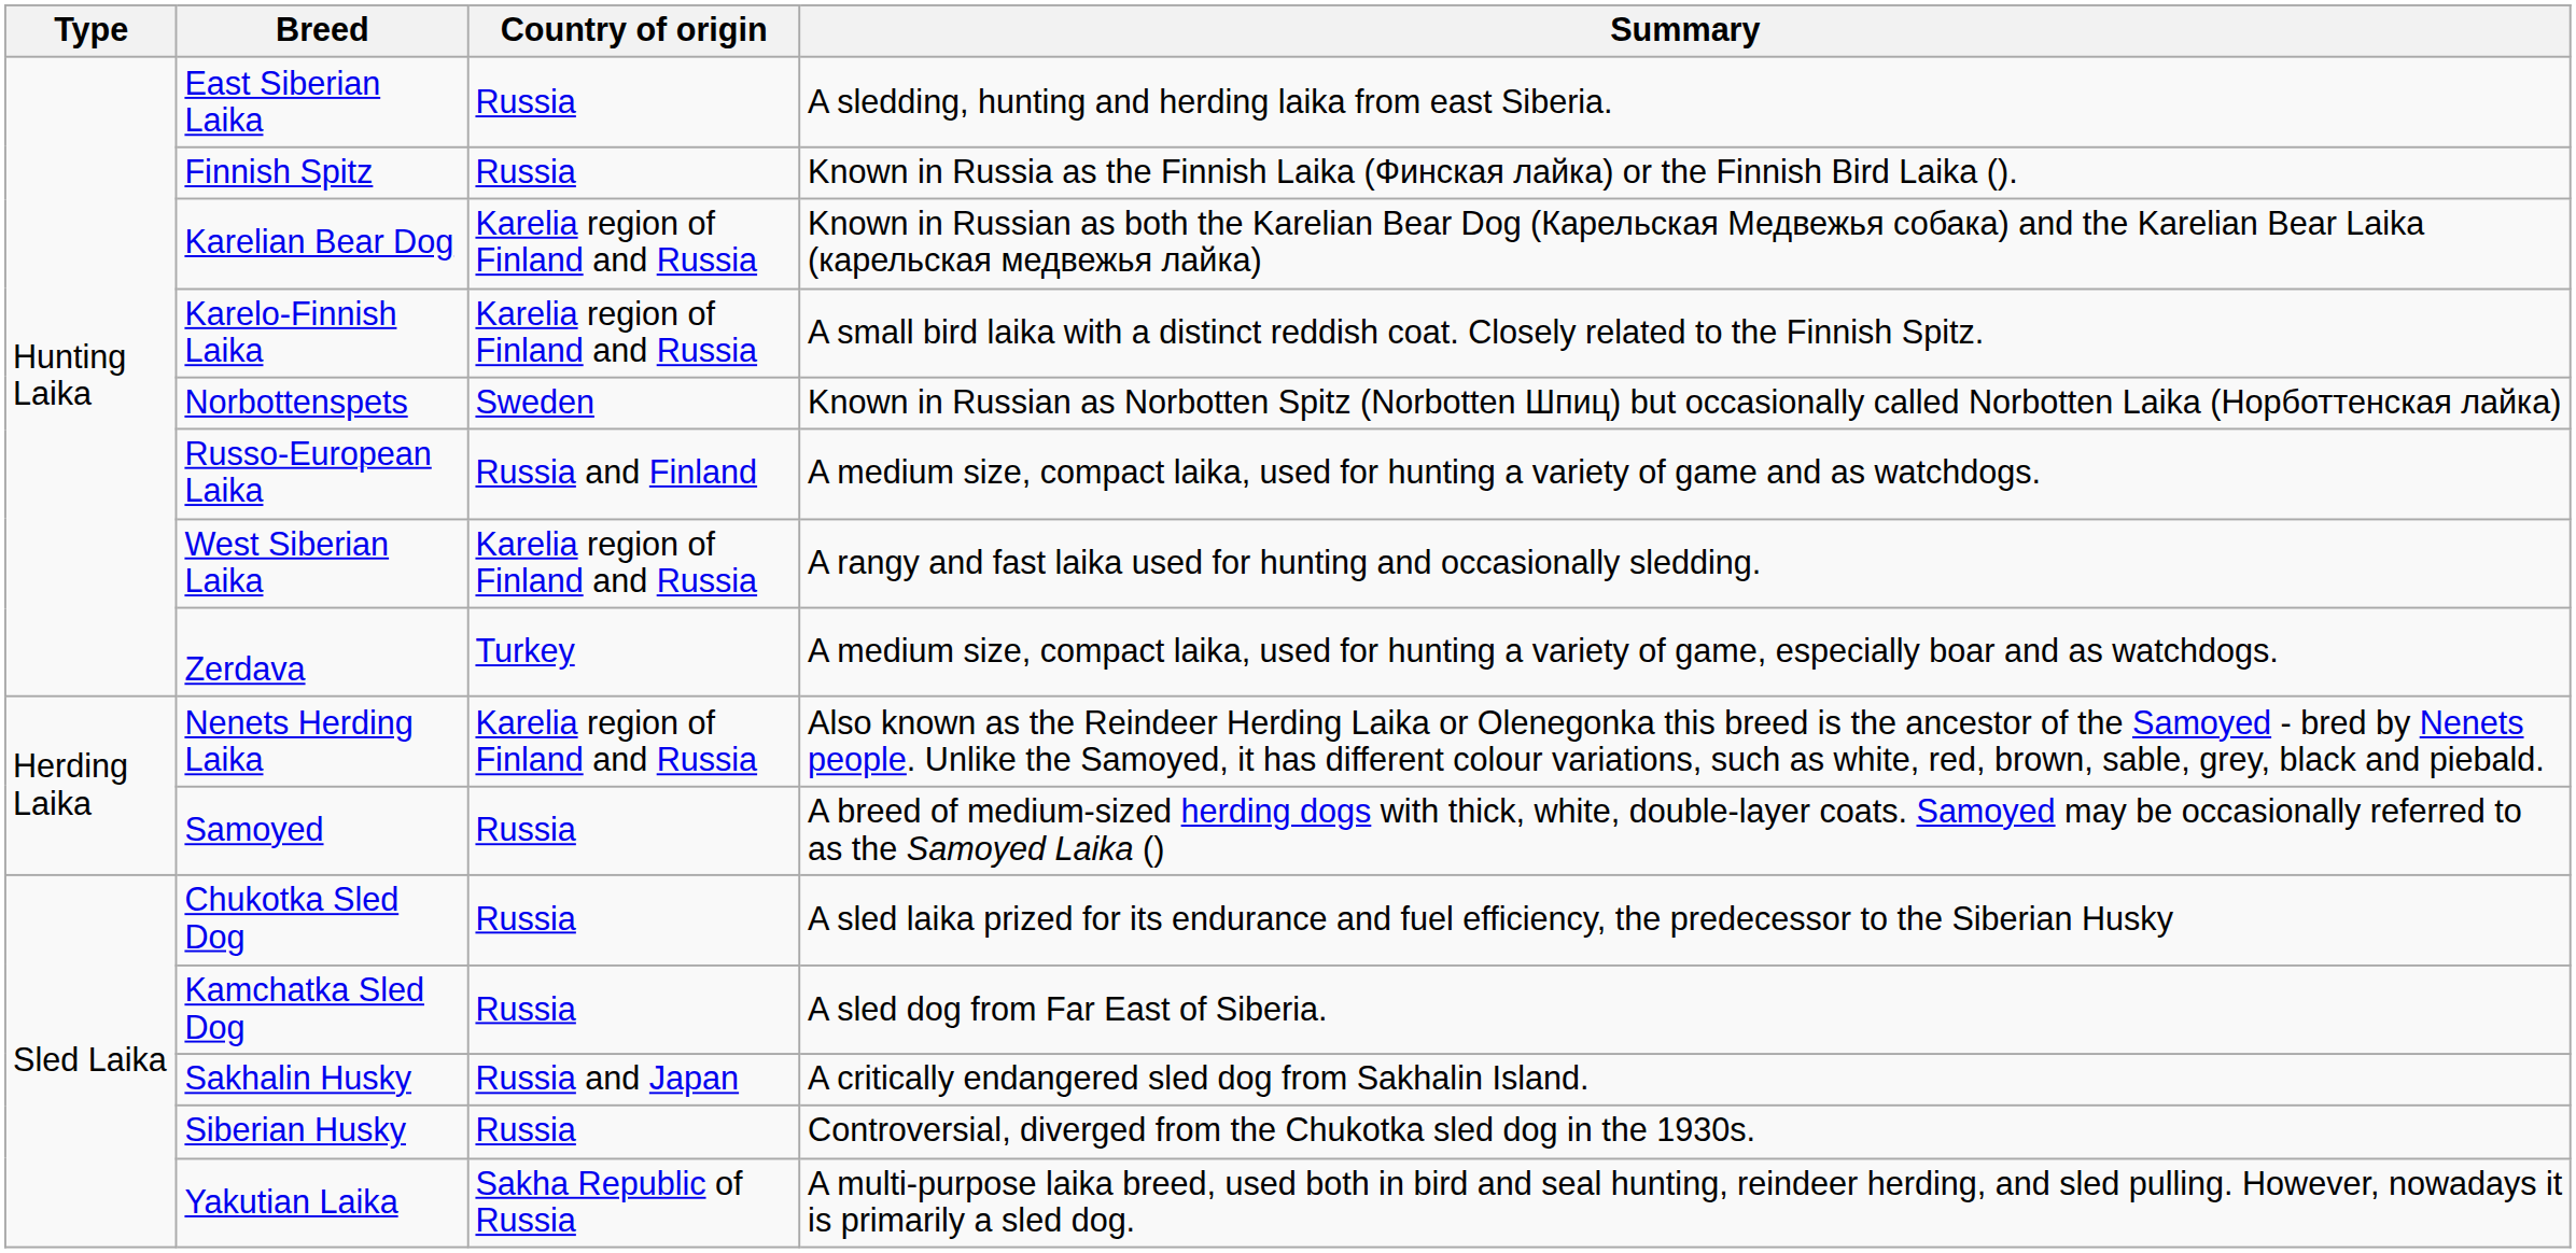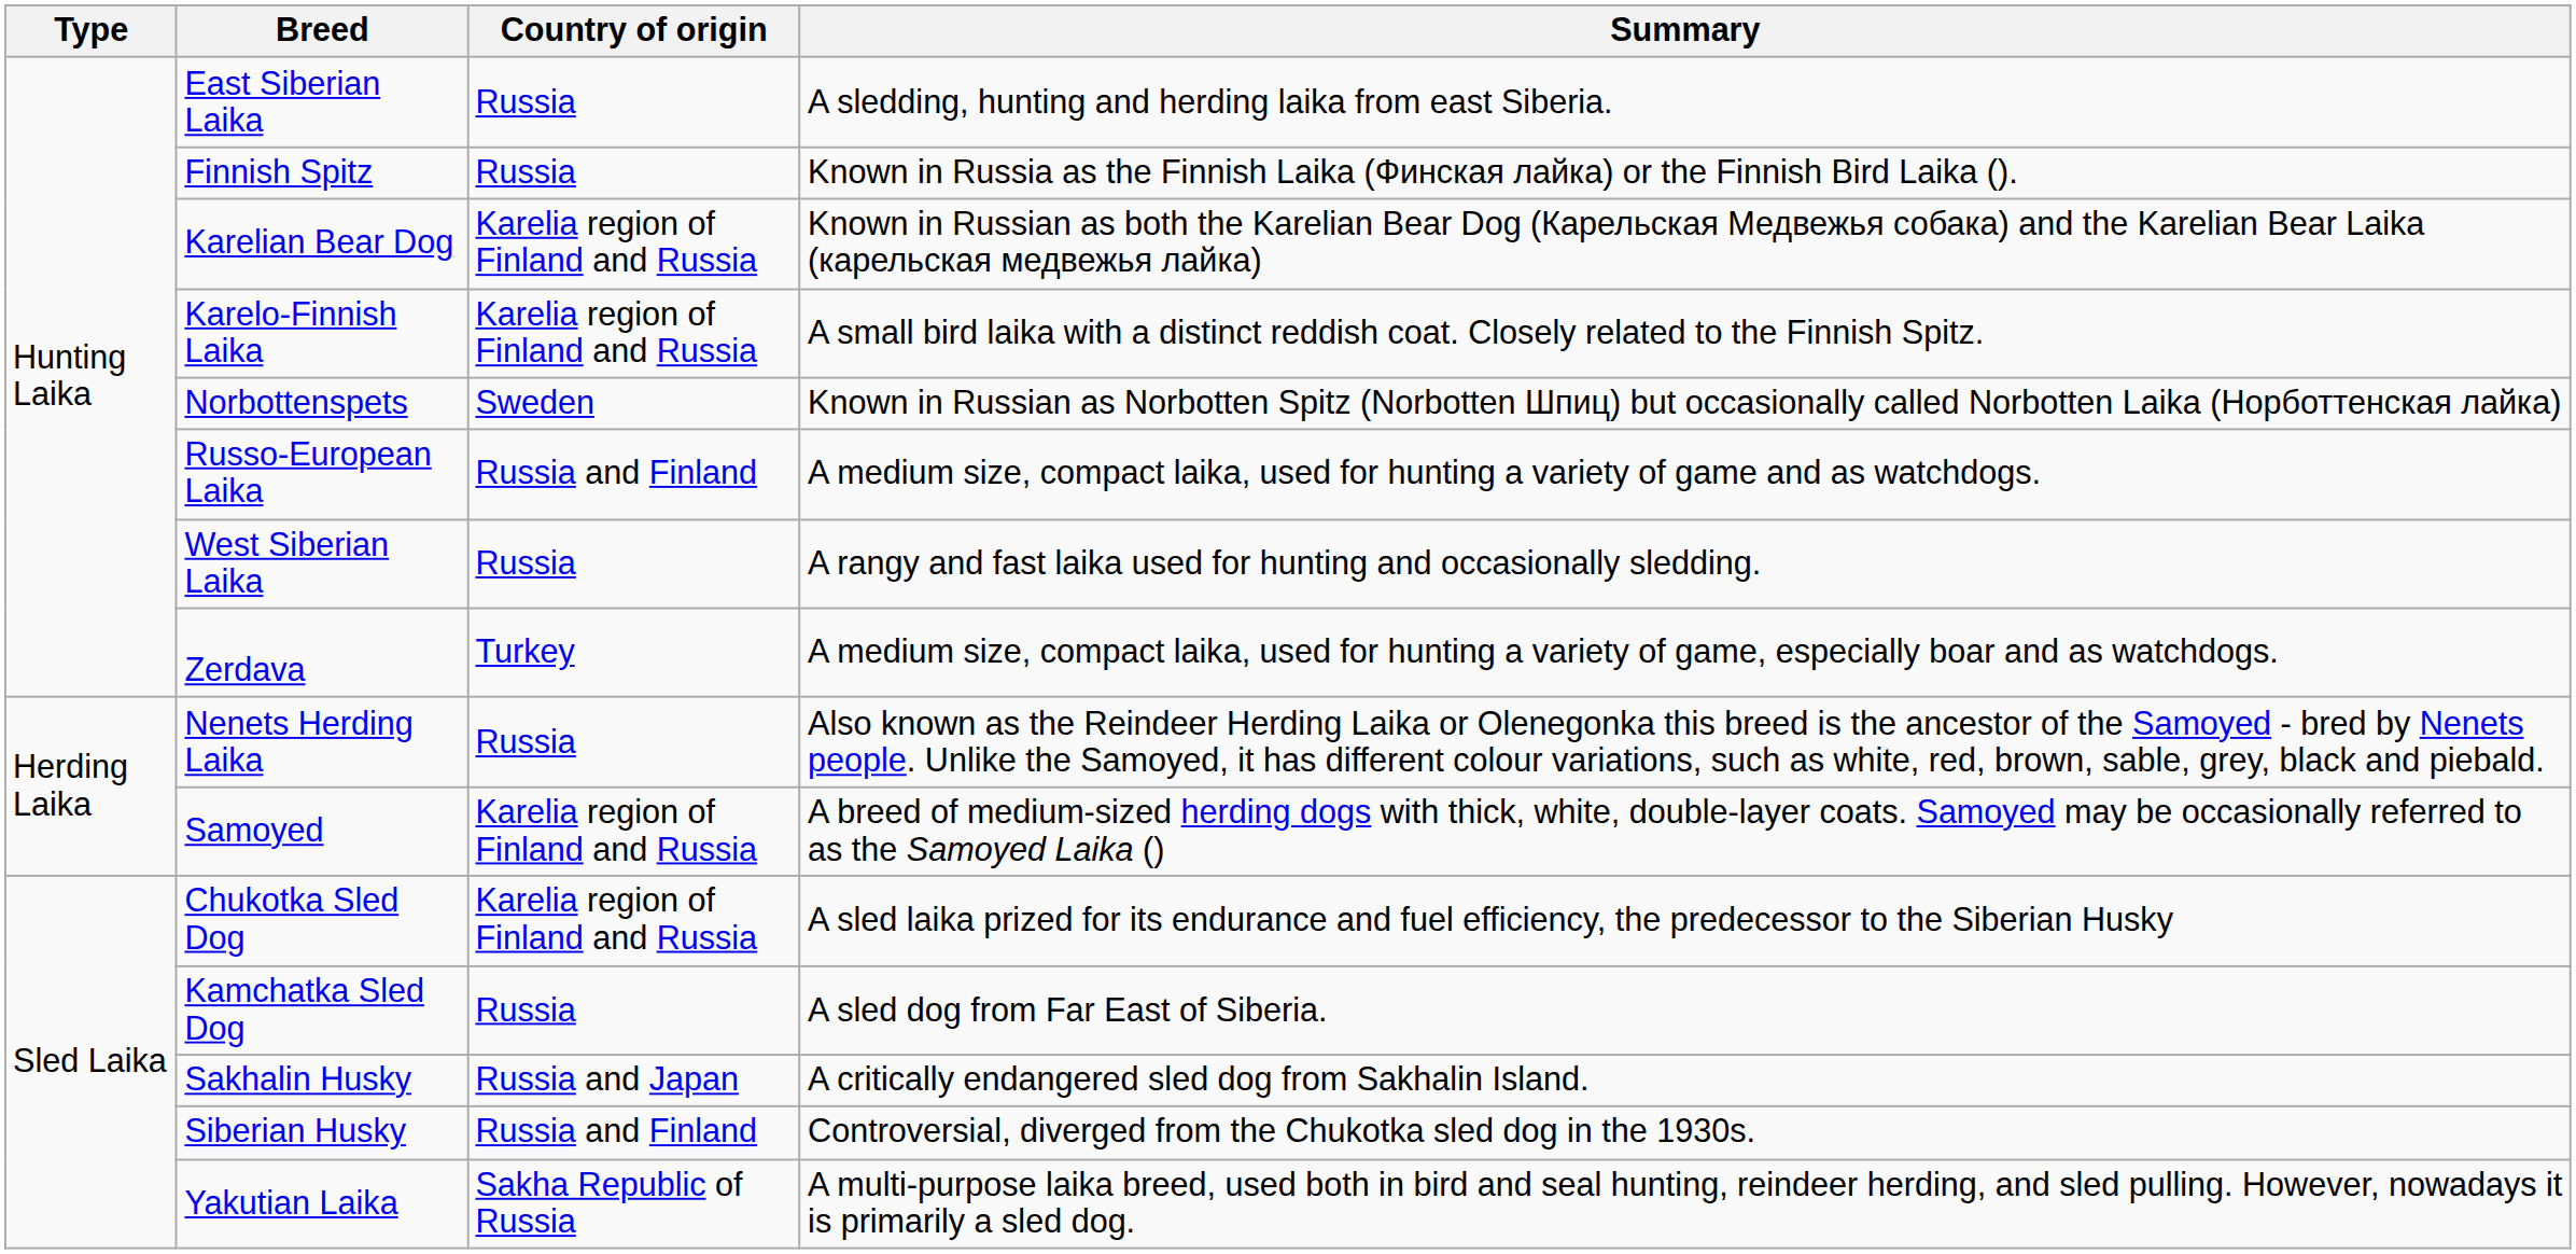 <table class="wikitable">
 <tr>
 <th>Type</th>
 <th>Breed</th>
 <th>Country of origin</th>
 <th>Summary</th>
 </tr>
 <tr>
 <td rowspan="8">Hunting Laika</td>
 <td><a href='#'>East Siberian Laika</a></td>
 <td><a href='#'>Russia</a></td>
 <td>A sledding, hunting and herding laika from east Siberia. </td>
 </tr>
 <tr>
 <td><a href='#'>Finnish Spitz</a></td>
 <td><a href='#'>Russia</a></td>
 <td>Known in Russia as the Finnish Laika (Финская лайка) or the Finnish Bird Laika ().</td>
 </tr>
 <tr>
 <td><a href='#'>Karelian Bear Dog</a></td>
 <td><a href='#'>Karelia</a> region of <a href='#'>Finland</a> and <a href='#'>Russia</a></td>
 <td>Known in Russian as both the Karelian Bear Dog (Карельская Медвежья собака) and the Karelian Bear Laika (карельская медвежья лайка)</td>
 </tr>
 <tr>
 <td><a href='#'>Karelo-Finnish Laika</a></td>
 <td><a href='#'>Karelia</a> region of <a href='#'>Finland</a> and <a href='#'>Russia</a></td>
 <td>A small bird laika with a distinct reddish coat.  Closely related to the Finnish Spitz.</td>
 </tr>
 <tr>
 <td><a href='#'>Norbottenspets</a></td>
 <td><a href='#'>Sweden</a></td>
 <td>Known in Russian as Norbotten Spitz (Norbotten Шпиц) but occasionally called Norbotten Laika (Норботтенская лайка)</td>
 </tr>
 <tr>
 <td><a href='#'>Russo-European Laika</a></td>
 <td><a href='#'>Russia</a> and <a href='#'>Finland</a></td>
 <td>A medium size, compact laika, used for hunting a variety of game and as watchdogs.</td>
 </tr>
 <tr>
 <td><a href='#'>West Siberian Laika</a></td>
-<td><a href='#'>Karelia</a> region of <a href='#'>Finland</a> and <a href='#'>Russia</a></td>
+<td><a href='#'>Russia</a></td>
 <td>A rangy and fast laika used for hunting and occasionally sledding.</td>
 </tr>
 <tr>
 <td><br> <a href='#'>Zerdava</a></td>
 <td><a href='#'>Turkey</a></td>
 <td>A medium size, compact laika, used for hunting a variety of game, especially boar and as watchdogs.</td>
 </tr>
 <tr>
 <td rowspan="2">Herding Laika</td>
 <td><a href='#'>Nenets Herding Laika</a></td>
-<td><a href='#'>Karelia</a> region of <a href='#'>Finland</a> and <a href='#'>Russia</a></td>
+<td><a href='#'>Russia</a></td>
 <td>Also known as the Reindeer Herding Laika or Olenegonka this breed is the ancestor of the <a href='#'>Samoyed</a> - bred by <a href='#'>Nenets people</a>. Unlike the Samoyed, it has different colour variations, such as white, red, brown, sable, grey, black and piebald.</td>
 </tr>
 <tr>
 <td><a href='#'>Samoyed</a></td>
-<td><a href='#'>Russia</a></td>
+<td><a href='#'>Karelia</a> region of <a href='#'>Finland</a> and <a href='#'>Russia</a></td>
 <td>A breed of medium-sized <a href='#'>herding dogs</a> with thick, white, double-layer coats. <a href='#'>Samoyed</a> may be occasionally referred to as the <em>Samoyed Laika</em> ()</td>
 </tr>
 <tr>
 <td rowspan="5">Sled Laika</td>
 <td><a href='#'>Chukotka Sled Dog</a></td>
-<td><a href='#'>Russia</a></td>
+<td><a href='#'>Karelia</a> region of <a href='#'>Finland</a> and <a href='#'>Russia</a></td>
 <td>A sled laika prized for its endurance and fuel efficiency, the predecessor to the Siberian Husky</td>
 </tr>
 <tr>
 <td><a href='#'>Kamchatka Sled Dog</a></td>
 <td><a href='#'>Russia</a></td>
 <td>A sled dog from Far East of Siberia.</td>
 </tr>
 <tr>
 <td><a href='#'>Sakhalin Husky</a></td>
 <td><a href='#'>Russia</a> and <a href='#'>Japan</a></td>
 <td>A critically endangered sled dog from Sakhalin Island.</td>
 </tr>
 <tr>
 <td><a href='#'>Siberian Husky</a></td>
-<td><a href='#'>Russia</a></td>
+<td><a href='#'>Russia</a> and <a href='#'>Finland</a></td>
 <td>Controversial, diverged from the Chukotka sled dog in the 1930s.</td>
 </tr>
 <tr>
 <td><a href='#'>Yakutian Laika</a></td>
 <td><a href='#'>Sakha Republic</a> of <a href='#'>Russia</a></td>
 <td>A multi-purpose laika breed, used both in bird and seal hunting, reindeer herding, and sled pulling. However, nowadays it is primarily a sled dog.</td>
 </tr>
 </table>
